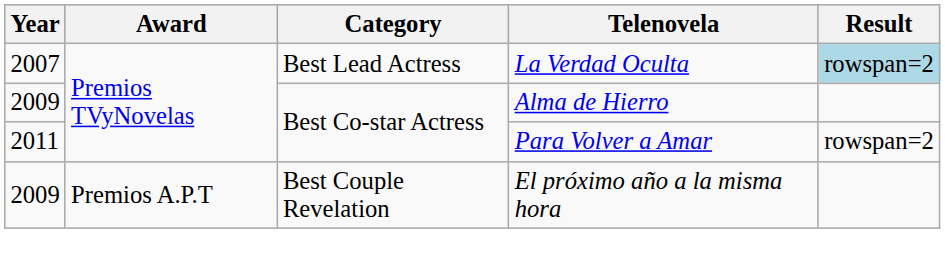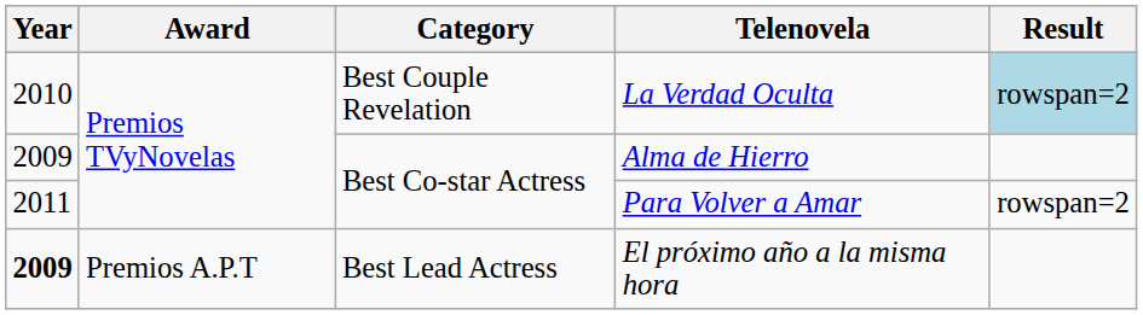 <table class="wikitable">
 <tr style="background:#b0c4de;">
 <th>Year</th>
 <th>Award</th>
 <th>Category</th>
 <th>Telenovela</th>
 <th>Result</th>
 </tr>
 <tr>
-<td>2007</td>
+<td>2010</td>
 <td rowspan=3><a href='#'>Premios TVyNovelas</a></td>
-<td>Best Lead Actress</td>
+<td>Best Couple Revelation</td>
 <td><em><a href='#'>La Verdad Oculta</a></em></td>
 <td style="background: lightblue;">rowspan=2 </td>
 </tr>
 <tr>
 <td>2009</td>
 <td rowspan=2>Best Co-star Actress</td>
 <td><em><a href='#'>Alma de Hierro</a> </em></td>
 </tr>
 <tr>
 <td>2011</td>
 <td><em><a href='#'>Para Volver a Amar</a></em></td>
 <td>rowspan=2  </td>
 </tr>
 <tr>
-<td>2009</td>
+<td><strong>2009</strong></td>
 <td>Premios A.P.T</td>
-<td>Best Couple Revelation</td>
+<td>Best Lead Actress</td>
 <td><em>El próximo año a la misma hora</em></td>
 </tr>
 </table>
